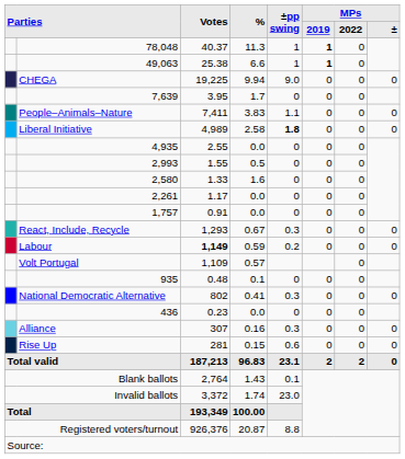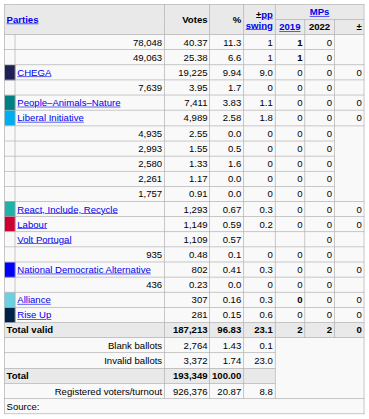 <table class="wikitable" style="text-align:right; font-size:95%;">
 <tr>
 <th rowspan="2" colspan="2" style="background:#e9e9e9; text-align:left;" alignleft><a href='#'>Parties</a></th>
 <th rowspan="2" style="background:#e9e9e9; text-align:right;">Votes</th>
 <th rowspan="2" style="background:#e9e9e9; text-align:right;">%</th>
 <th rowspan="2" style="background:#e9e9e9; text-align:right;">±<a href='#'>pp</a> <a href='#'>swing</a></th>
 <th colspan="3" style="background:#e9e9e9; text-align:center;"><a href='#'>MPs</a></th>
 </tr>
 <tr style="background-color:#E9E9E9">
 <th style="background-color:#E9E9E9;text-align:center;"><a href='#'>2019</a></th>
 <th style="background-color:#E9E9E9;text-align:center;">2022</th>
 <th style="background:#e9e9e9; text-align:right;">±</th>
 </tr>
 <tr>
 <td></td>
 <td>78,048</td>
 <td>40.37</td>
 <td>11.3</td>
 <td>1</td>
 <td><strong>1</strong></td>
 <td>0</td>
 </tr>
 <tr>
 <td></td>
 <td>49,063</td>
 <td>25.38</td>
 <td>6.6</td>
 <td>1</td>
 <td><strong>1</strong></td>
 <td>0</td>
 </tr>
 <tr>
 <td style="width: 10px" bgcolor="#202056" align="center"></td>
 <td align="left"><a href='#'>CHEGA</a></td>
 <td>19,225</td>
 <td>9.94</td>
 <td>9.0</td>
 <td>0</td>
 <td>0</td>
 <td>0</td>
 </tr>
 <tr>
 <td></td>
 <td>7,639</td>
 <td>3.95</td>
 <td>1.7</td>
 <td>0</td>
 <td>0</td>
 <td>0</td>
 </tr>
 <tr>
 <td style="width: 10px" bgcolor="teal" align="center"></td>
 <td align="left"><a href='#'>People–Animals–Nature</a></td>
 <td>7,411</td>
 <td>3.83</td>
 <td>1.1</td>
 <td>0</td>
 <td>0</td>
 <td>0</td>
 </tr>
 <tr>
 <td style="width: 10px" bgcolor="#00ADEF" align="center"></td>
 <td align="left"><a href='#'>Liberal Initiative</a></td>
 <td>4,989</td>
 <td>2.58</td>
-<td><strong>1.8</strong></td>
+<td>1.8</td>
 <td>0</td>
 <td>0</td>
 <td>0</td>
 </tr>
 <tr>
 <td></td>
 <td>4,935</td>
 <td>2.55</td>
 <td>0.0</td>
 <td>0</td>
 <td>0</td>
 <td>0</td>
 </tr>
 <tr>
 <td></td>
 <td>2,993</td>
 <td>1.55</td>
 <td>0.5</td>
 <td>0</td>
 <td>0</td>
 <td>0</td>
 </tr>
 <tr>
 <td></td>
 <td>2,580</td>
 <td>1.33</td>
 <td>1.6</td>
 <td>0</td>
 <td>0</td>
 <td>0</td>
 </tr>
 <tr>
 <td></td>
 <td>2,261</td>
 <td>1.17</td>
 <td>0.0</td>
 <td>0</td>
 <td>0</td>
 <td>0</td>
 </tr>
 <tr>
 <td></td>
 <td>1,757</td>
 <td>0.91</td>
 <td>0.0</td>
 <td>0</td>
 <td>0</td>
 <td>0</td>
 </tr>
 <tr>
 <td style="width: 10px" bgcolor="LightSeaGreen" align="center"></td>
 <td align="left"><a href='#'>React, Include, Recycle</a></td>
 <td>1,293</td>
 <td>0.67</td>
 <td>0.3</td>
 <td>0</td>
 <td>0</td>
 <td>0</td>
 </tr>
 <tr>
 <td style="width: 10px" bgcolor="#CC0033" align="center"></td>
 <td align="left"><a href='#'>Labour</a></td>
-<td><strong>1,149</strong></td>
+<td>1,149</td>
 <td>0.59</td>
 <td>0.2</td>
 <td>0</td>
 <td>0</td>
 <td>0</td>
 </tr>
 <tr>
 <td style="width: 10px"></td>
 <td align="left"><a href='#'>Volt Portugal</a></td>
 <td>1,109</td>
 <td>0.57</td>
 <td></td>
 <td></td>
 <td>0</td>
 <td></td>
 </tr>
 <tr>
 <td></td>
 <td>935</td>
 <td>0.48</td>
 <td>0.1</td>
 <td>0</td>
 <td>0</td>
 <td>0</td>
 </tr>
 <tr>
 <td style="width: 10px" bgcolor="blue" align="center"></td>
 <td align="left"><a href='#'>National Democratic Alternative</a></td>
 <td>802</td>
 <td>0.41</td>
 <td>0.3</td>
 <td>0</td>
 <td>0</td>
 <td>0</td>
 </tr>
 <tr>
 <td></td>
 <td>436</td>
 <td>0.23</td>
 <td>0.0</td>
 <td>0</td>
 <td>0</td>
 <td>0</td>
 </tr>
 <tr>
 <td style="width: 10px" bgcolor="#6AD1E3" align="center"></td>
 <td align="left"><a href='#'>Alliance</a></td>
 <td>307</td>
 <td>0.16</td>
 <td>0.3</td>
-<td>0</td>
+<td><strong>0</strong></td>
 <td>0</td>
 <td>0</td>
 </tr>
 <tr>
 <td style="width: 10px" bgcolor="#002147" align="center"></td>
 <td align="left"><a href='#'>Rise Up</a></td>
 <td>281</td>
 <td>0.15</td>
 <td>0.6</td>
 <td>0</td>
 <td>0</td>
 <td>0</td>
 </tr>
 <tr>
 <td colspan=2 width="247" align=left style="background-color:#E9E9E9"><strong>Total valid</strong></td>
 <td width="65" align="right" style="background-color:#E9E9E9"><strong>187,213</strong></td>
 <td width="40" align="right" style="background-color:#E9E9E9"><strong>96.83</strong></td>
 <td width="40" align="right" style="background-color:#E9E9E9"><strong>23.1</strong></td>
 <td width="40" align="right" style="background-color:#E9E9E9"><strong>2</strong></td>
 <td width="40" align="right" style="background-color:#E9E9E9"><strong>2</strong></td>
 <td width="40" align="right" style="background-color:#E9E9E9"><strong>0</strong></td>
 </tr>
 <tr>
 <td colspan=2>Blank ballots</td>
 <td>2,764</td>
 <td>1.43</td>
 <td>0.1</td>
 <td colspan=4 rowspan=4></td>
 </tr>
 <tr>
 <td colspan=2>Invalid ballots</td>
 <td>3,372</td>
 <td>1.74</td>
 <td>23.0</td>
 </tr>
 <tr>
 <td colspan=2 align=left style="background-color:#E9E9E9"><strong>Total</strong></td>
 <td width="50" align="right" style="background-color:#E9E9E9"><strong>193,349</strong></td>
 <td width="40" align="right" style="background-color:#E9E9E9"><strong>100.00</strong></td>
 <td width="40" align="right" style="background-color:#E9E9E9"></td>
 </tr>
 <tr>
 <td colspan=2>Registered voters/turnout</td>
 <td>926,376</td>
 <td>20.87</td>
 <td>8.8</td>
 </tr>
 <tr>
 <td colspan=11 align=left>Source: </td>
 </tr>
 </table>
